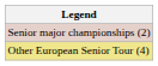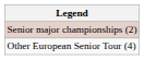 <table class="wikitable" style="font-size:95%;">
 <tr>
 <th>Legend</th>
 </tr>
 <tr style="background:#e5d1cb;">
 <td>Senior major championships (2)</td>
 </tr>
 <tr>
-<td style="background: khaki;">Other European Senior Tour (4)</td>
+<td>Other European Senior Tour (4)</td>
 </tr>
 </table>
